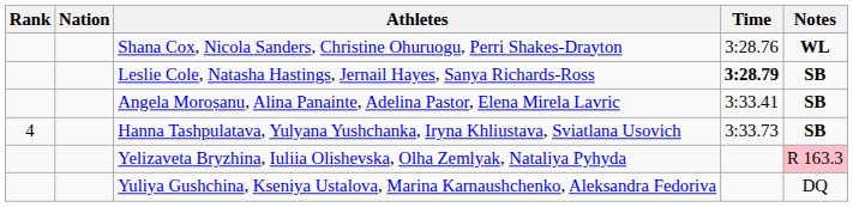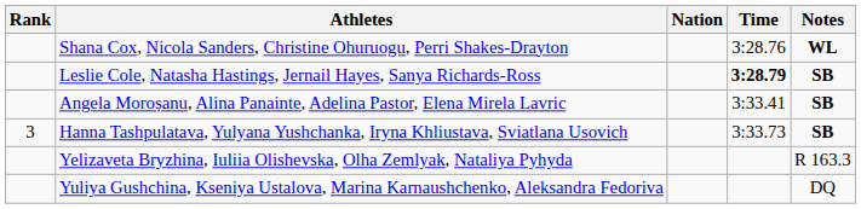 <table class="wikitable sortable" style="text-align:center">
 <tr>
 <th>Rank</th>
+<th>Athletes</th>
 <th>Nation</th>
-<th>Athletes</th>
 <th>Time</th>
 <th>Notes</th>
 </tr>
 <tr>
 <td></td>
+<td align=left><a href='#'>Shana Cox</a>, <a href='#'>Nicola Sanders</a>, <a href='#'>Christine Ohuruogu</a>, <a href='#'>Perri Shakes-Drayton</a></td>
 <td align=left></td>
-<td align=left><a href='#'>Shana Cox</a>, <a href='#'>Nicola Sanders</a>, <a href='#'>Christine Ohuruogu</a>, <a href='#'>Perri Shakes-Drayton</a></td>
 <td>3:28.76</td>
 <td><strong>WL</strong></td>
 </tr>
 <tr>
 <td></td>
+<td align=left><a href='#'>Leslie Cole</a>, <a href='#'>Natasha Hastings</a>, <a href='#'>Jernail Hayes</a>, <a href='#'>Sanya Richards-Ross</a></td>
 <td align=left></td>
-<td align=left><a href='#'>Leslie Cole</a>, <a href='#'>Natasha Hastings</a>, <a href='#'>Jernail Hayes</a>, <a href='#'>Sanya Richards-Ross</a></td>
 <td><strong>3:28.79</strong></td>
 <td><strong>SB</strong></td>
 </tr>
 <tr>
 <td></td>
+<td align=left><a href='#'>Angela Moroșanu</a>, <a href='#'>Alina Panainte</a>, <a href='#'>Adelina Pastor</a>, <a href='#'>Elena Mirela Lavric</a></td>
 <td align=left></td>
-<td align=left><a href='#'>Angela Moroșanu</a>, <a href='#'>Alina Panainte</a>, <a href='#'>Adelina Pastor</a>, <a href='#'>Elena Mirela Lavric</a></td>
 <td>3:33.41</td>
 <td><strong>SB</strong></td>
 </tr>
 <tr>
-<td>4</td>
+<td>3</td>
+<td align=left><a href='#'>Hanna Tashpulatava</a>, <a href='#'>Yulyana Yushchanka</a>, <a href='#'>Iryna Khliustava</a>, <a href='#'>Sviatlana Usovich</a></td>
 <td align=left></td>
-<td align=left><a href='#'>Hanna Tashpulatava</a>, <a href='#'>Yulyana Yushchanka</a>, <a href='#'>Iryna Khliustava</a>, <a href='#'>Sviatlana Usovich</a></td>
 <td>3:33.73</td>
 <td><strong>SB</strong></td>
 </tr>
 <tr>
 <td></td>
+<td align=left><a href='#'>Yelizaveta Bryzhina</a>, <a href='#'>Iuliia Olishevska</a>, <a href='#'>Olha Zemlyak</a>, <a href='#'>Nataliya Pyhyda</a></td>
 <td align=left></td>
-<td align=left><a href='#'>Yelizaveta Bryzhina</a>, <a href='#'>Iuliia Olishevska</a>, <a href='#'>Olha Zemlyak</a>, <a href='#'>Nataliya Pyhyda</a></td>
 <td></td>
-<td style="background: pink;">R 163.3</td>
+<td>R 163.3</td>
 </tr>
 <tr>
 <td></td>
+<td align=left><a href='#'>Yuliya Gushchina</a>, <a href='#'>Kseniya Ustalova</a>, <a href='#'>Marina Karnaushchenko</a>, <a href='#'>Aleksandra Fedoriva</a></td>
 <td align=left></td>
-<td align=left><a href='#'>Yuliya Gushchina</a>, <a href='#'>Kseniya Ustalova</a>, <a href='#'>Marina Karnaushchenko</a>, <a href='#'>Aleksandra Fedoriva</a></td>
 <td></td>
 <td>DQ</td>
 </tr>
 </table>
